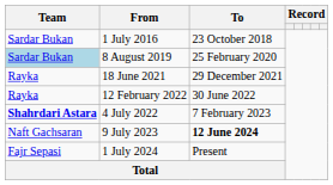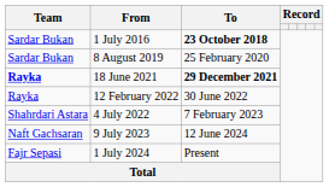 <table class=wikitable style="text-align: center">
 <tr>
 <th rowspan=2>Team</th>
 <th rowspan=2>From</th>
 <th rowspan=2>To</th>
 <th colspan=5>Record</th>
 </tr>
 <tr>
 <th></th>
 <th></th>
 <th></th>
 <th></th>
 <th></th>
 </tr>
 <tr>
 <td align=left><a href='#'>Sardar Bukan</a></td>
 <td align=left>1 July 2016</td>
-<td align=left>23 October 2018<br></td>
+<td align=left><strong>23 October 2018<br></strong></td>
 </tr>
 <tr>
-<td align=left style="background: lightblue;"><a href='#'>Sardar Bukan</a></td>
+<td align=left><a href='#'>Sardar Bukan</a></td>
 <td align=left>8 August 2019</td>
 <td align=left>25 February 2020<br></td>
 </tr>
 <tr>
-<td align=left><a href='#'>Rayka</a></td>
+<td align=left><strong><a href='#'>Rayka</a></strong></td>
 <td align=left>18 June 2021</td>
-<td align=left>29 December 2021<br></td>
+<td align=left><strong>29 December 2021<br></strong></td>
 </tr>
 <tr>
 <td align=left><a href='#'>Rayka</a></td>
 <td align=left>12 February 2022</td>
 <td align=left>30 June 2022<br></td>
 </tr>
 <tr>
-<td align=left><strong><a href='#'>Shahrdari Astara</a></strong></td>
+<td align=left><a href='#'>Shahrdari Astara</a></td>
 <td align=left>4 July 2022</td>
 <td align=left>7 February 2023<br></td>
 </tr>
 <tr>
 <td align=left><a href='#'>Naft Gachsaran</a></td>
 <td align=left>9 July 2023</td>
-<td align=left><strong>12 June 2024<br></strong></td>
+<td align=left>12 June 2024<br></td>
 </tr>
 <tr>
 <td align=left><a href='#'>Fajr Sepasi</a></td>
 <td align=left>1 July 2024</td>
 <td align=left>Present<br></td>
 </tr>
 <tr>
 <th colspan=3>Total<br></th>
 </tr>
 </table>
